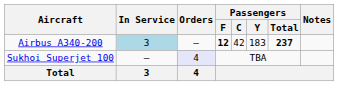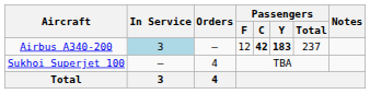 <table class="wikitable" style="border-collapse:collapse;text-align:center;margin:auto;">
 <tr>
 <th rowspan="2">Aircraft</th>
 <th rowspan="2">In Service</th>
 <th rowspan="2">Orders</th>
 <th colspan="4">Passengers</th>
 <th rowspan="2">Notes</th>
 </tr>
 <tr>
 <th><abbr>F</abbr></th>
 <th><abbr>C</abbr></th>
 <th><abbr>Y</abbr></th>
 <th>Total</th>
 </tr>
 <tr>
 <td><a href='#'>Airbus A340-200</a></td>
 <td style="background: lightblue;">3</td>
 <td>—</td>
-<td><strong>12</strong></td>
-<td>42</td>
-<td>183</td>
-<td><strong>237</strong></td>
+<td>12</td>
+<td><strong>42</strong></td>
+<td><strong>183</strong></td>
+<td>237</td>
 <td></td>
 </tr>
 <tr>
 <td><a href='#'>Sukhoi Superjet 100</a></td>
 <td>—</td>
-<td style="background: lavender;">4</td>
+<td>4</td>
 <td colspan="4">TBA</td>
 <td></td>
 </tr>
 <tr>
 <th>Total</th>
 <th>3</th>
 <th>4</th>
 <th colspan="6"></th>
 </tr>
 </table>
